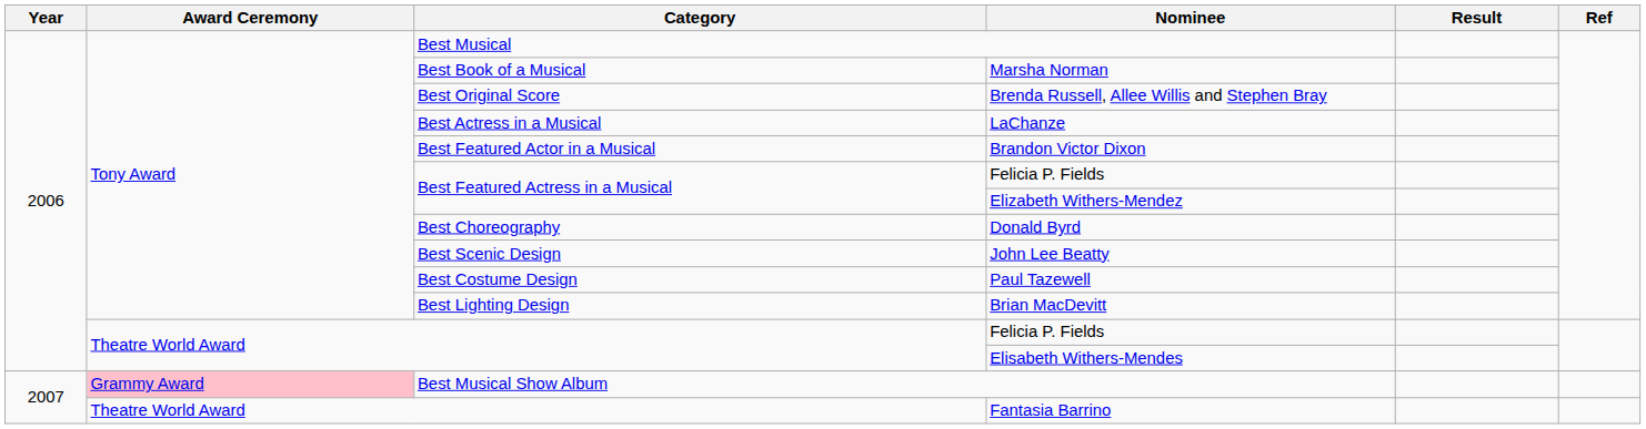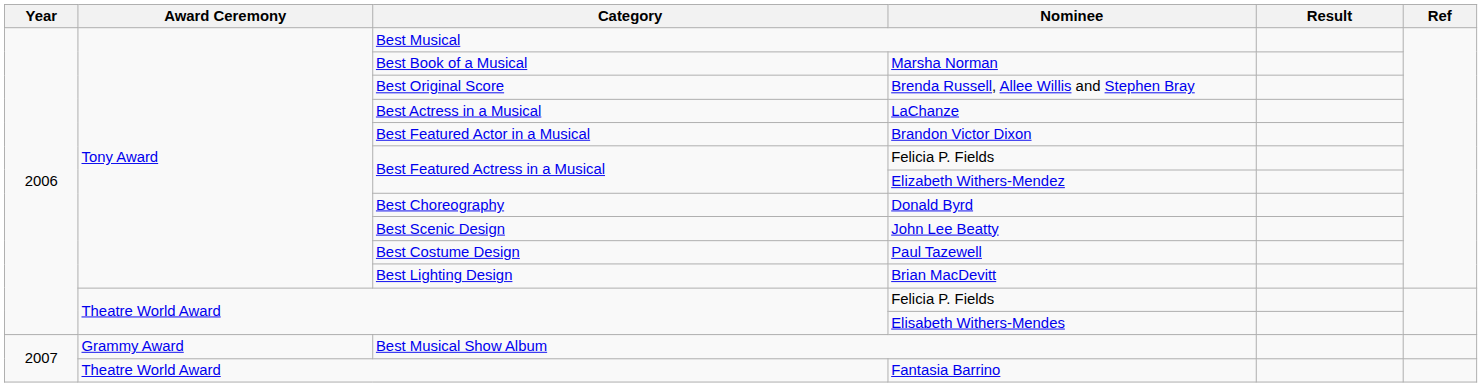 <table class="wikitable" width="100%">
 <tr>
 <th width="5%">Year</th>
 <th width="20%">Award Ceremony</th>
 <th width="35%">Category</th>
 <th width="25%">Nominee</th>
 <th width="10%">Result</th>
 <th width="5%">Ref</th>
 </tr>
 <tr>
 <td rowspan="13" align="center">2006</td>
 <td rowspan="11"><a href='#'>Tony Award</a></td>
 <td colspan="2"><a href='#'>Best Musical</a></td>
 <td></td>
 <td rowspan="11" align="center"></td>
 </tr>
 <tr>
 <td><a href='#'>Best Book of a Musical</a></td>
 <td><a href='#'>Marsha Norman</a></td>
 <td></td>
 </tr>
 <tr>
 <td><a href='#'>Best Original Score</a></td>
 <td><a href='#'>Brenda Russell</a>, <a href='#'>Allee Willis</a> and <a href='#'>Stephen Bray</a></td>
 <td></td>
 </tr>
 <tr>
 <td><a href='#'>Best Actress in a Musical</a></td>
 <td><a href='#'>LaChanze</a></td>
 <td></td>
 </tr>
 <tr>
 <td><a href='#'>Best Featured Actor in a Musical</a></td>
 <td><a href='#'>Brandon Victor Dixon</a></td>
 <td></td>
 </tr>
 <tr>
 <td rowspan="2"><a href='#'>Best Featured Actress in a Musical</a></td>
 <td>Felicia P. Fields</td>
 <td></td>
 </tr>
 <tr>
 <td><a href='#'>Elizabeth Withers-Mendez</a></td>
 <td></td>
 </tr>
 <tr>
 <td><a href='#'>Best Choreography</a></td>
 <td><a href='#'>Donald Byrd</a></td>
 <td></td>
 </tr>
 <tr>
 <td><a href='#'>Best Scenic Design</a></td>
 <td><a href='#'>John Lee Beatty</a></td>
 <td></td>
 </tr>
 <tr>
 <td><a href='#'>Best Costume Design</a></td>
 <td><a href='#'>Paul Tazewell</a></td>
 <td></td>
 </tr>
 <tr>
 <td><a href='#'>Best Lighting Design</a></td>
 <td><a href='#'>Brian MacDevitt</a></td>
 <td></td>
 </tr>
 <tr>
 <td rowspan="2" colspan="2"><a href='#'>Theatre World Award</a></td>
 <td>Felicia P. Fields</td>
 <td></td>
 <td rowspan="2" align="center"></td>
 </tr>
 <tr>
 <td><a href='#'>Elisabeth Withers-Mendes</a></td>
 <td></td>
 </tr>
 <tr>
 <td rowspan="2" align="center">2007</td>
-<td style="background: pink;"><a href='#'>Grammy Award</a></td>
+<td><a href='#'>Grammy Award</a></td>
 <td colspan="2"><a href='#'>Best Musical Show Album</a></td>
 <td></td>
 <td></td>
 </tr>
 <tr>
 <td colspan="2"><a href='#'>Theatre World Award</a></td>
 <td><a href='#'>Fantasia Barrino</a></td>
 <td></td>
 <td rowspan="2" align="center"></td>
 </tr>
 </table>
